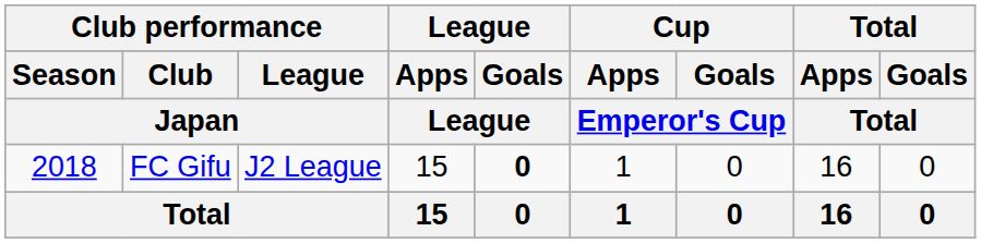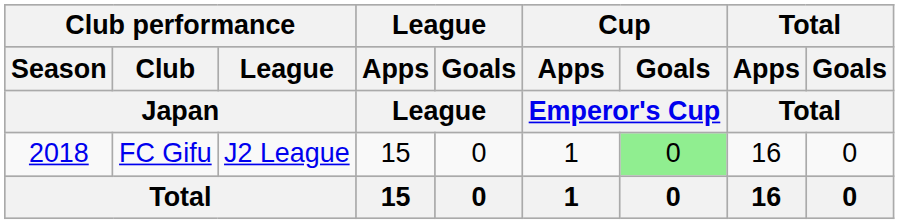 <table class="wikitable" style="text-align:center;">
 <tr>
 <th colspan=3>Club performance</th>
 <th colspan=2>League</th>
 <th colspan=2>Cup</th>
 <th colspan=2>Total</th>
 </tr>
 <tr>
 <th>Season</th>
 <th>Club</th>
 <th>League</th>
 <th>Apps</th>
 <th>Goals</th>
 <th>Apps</th>
 <th>Goals</th>
 <th>Apps</th>
 <th>Goals</th>
 </tr>
 <tr>
 <th colspan=3>Japan</th>
 <th colspan=2>League</th>
 <th colspan=2><a href='#'>Emperor's Cup</a></th>
 <th colspan=2>Total</th>
 </tr>
 <tr>
 <td><a href='#'>2018</a></td>
 <td rowspan="1"><a href='#'>FC Gifu</a></td>
 <td rowspan="1"><a href='#'>J2 League</a></td>
 <td>15</td>
-<td><strong>0</strong></td>
+<td>0</td>
 <td>1</td>
-<td>0</td>
+<td style="background: lightgreen;">0</td>
 <td>16</td>
 <td>0</td>
 </tr>
 <tr>
 <th colspan=3>Total</th>
 <th>15</th>
 <th>0</th>
 <th>1</th>
 <th>0</th>
 <th>16</th>
 <th>0</th>
 </tr>
 </table>
